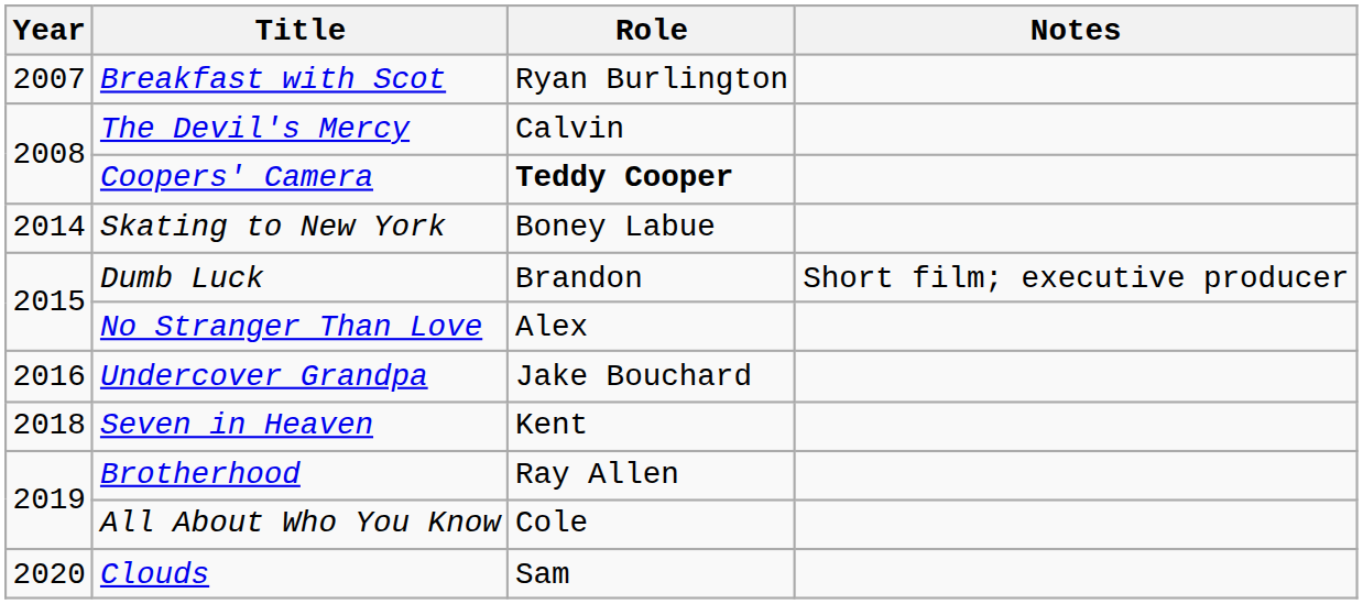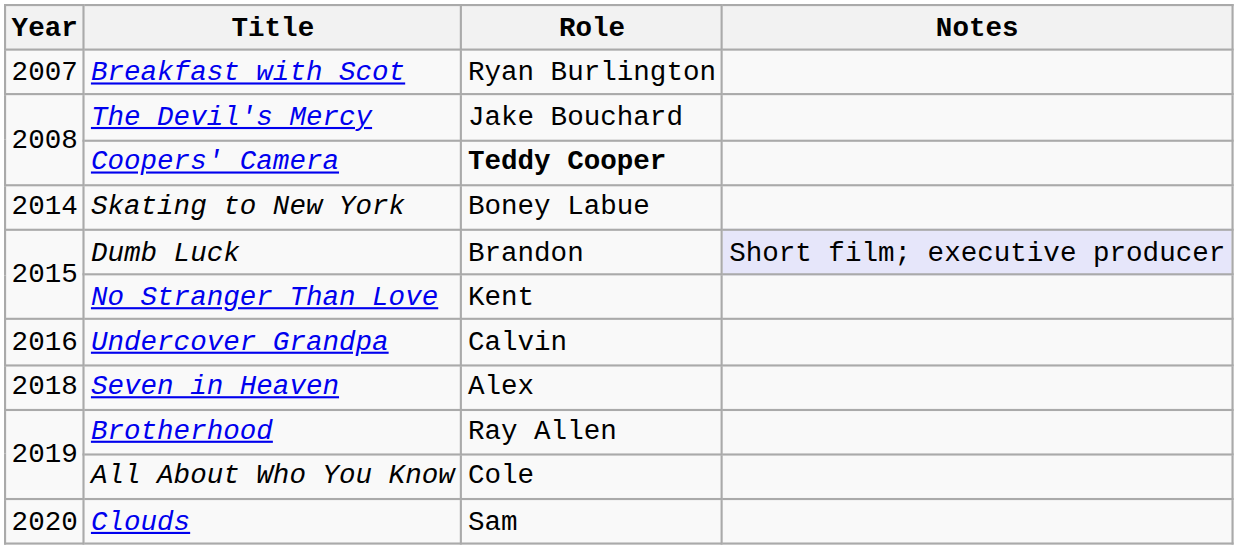 <table class="wikitable sortable">
 <tr>
 <th>Year</th>
 <th>Title</th>
 <th>Role</th>
 <th class="unsortable">Notes</th>
 </tr>
 <tr>
 <td>2007</td>
 <td><em><a href='#'>Breakfast with Scot</a></em></td>
 <td>Ryan Burlington</td>
 <td></td>
 </tr>
 <tr>
 <td rowspan="2">2008</td>
 <td data-sort-value="Devil's Mercy, The"><em><a href='#'>The Devil's Mercy</a></em></td>
-<td>Calvin</td>
+<td>Jake Bouchard</td>
 <td></td>
 </tr>
 <tr>
 <td><em><a href='#'>Coopers' Camera</a></em></td>
 <td><strong>Teddy Cooper</strong></td>
 <td></td>
 </tr>
 <tr>
 <td>2014</td>
 <td><em>Skating to New York</em></td>
 <td>Boney Labue</td>
 <td></td>
 </tr>
 <tr>
 <td rowspan="2">2015</td>
 <td><em>Dumb Luck</em></td>
 <td>Brandon</td>
-<td>Short film; executive producer</td>
+<td style="background: lavender;">Short film; executive producer</td>
 </tr>
 <tr>
 <td><em><a href='#'>No Stranger Than Love</a></em></td>
-<td>Alex</td>
+<td>Kent</td>
 <td></td>
 </tr>
 <tr>
 <td>2016</td>
 <td><em><a href='#'>Undercover Grandpa</a></em></td>
-<td>Jake Bouchard</td>
+<td>Calvin</td>
 <td></td>
 </tr>
 <tr>
 <td>2018</td>
 <td><em><a href='#'>Seven in Heaven</a></em></td>
-<td>Kent</td>
+<td>Alex</td>
 <td></td>
 </tr>
 <tr>
 <td rowspan="2">2019</td>
 <td><em><a href='#'>Brotherhood</a></em></td>
 <td>Ray Allen</td>
 <td></td>
 </tr>
 <tr>
 <td><em>All About Who You Know</em></td>
 <td>Cole</td>
 <td></td>
 </tr>
 <tr>
 <td>2020</td>
 <td><em><a href='#'>Clouds</a></em></td>
 <td>Sam</td>
 <td></td>
 </tr>
 </table>
